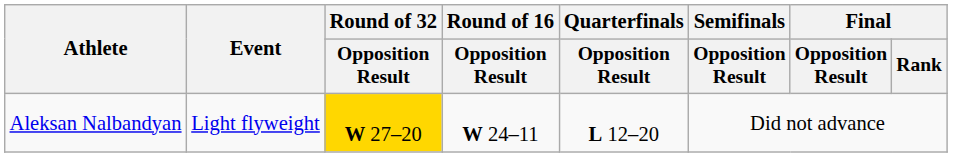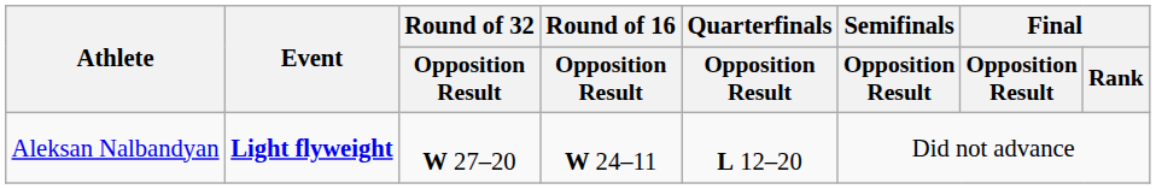 <table class="wikitable" style="font-size:90%">
 <tr>
 <th rowspan="2">Athlete</th>
 <th rowspan="2">Event</th>
 <th>Round of 32</th>
 <th>Round of 16</th>
 <th>Quarterfinals</th>
 <th>Semifinals</th>
 <th colspan=2>Final</th>
 </tr>
 <tr style="font-size:95%">
 <th>Opposition<br>Result</th>
 <th>Opposition<br>Result</th>
 <th>Opposition<br>Result</th>
 <th>Opposition<br>Result</th>
 <th>Opposition<br>Result</th>
 <th>Rank</th>
 </tr>
 <tr align=center>
 <td align=left><a href='#'>Aleksan Nalbandyan</a></td>
-<td align=left><a href='#'>Light flyweight</a></td>
-<td style="background: gold;"><br><strong>W</strong> 27–20</td>
+<td align=left><strong><a href='#'>Light flyweight</a></strong></td>
+<td><br><strong>W</strong> 27–20</td>
 <td><br><strong>W</strong> 24–11</td>
 <td><br><strong>L</strong> 12–20</td>
 <td colspan=3>Did not advance</td>
 </tr>
 </table>
